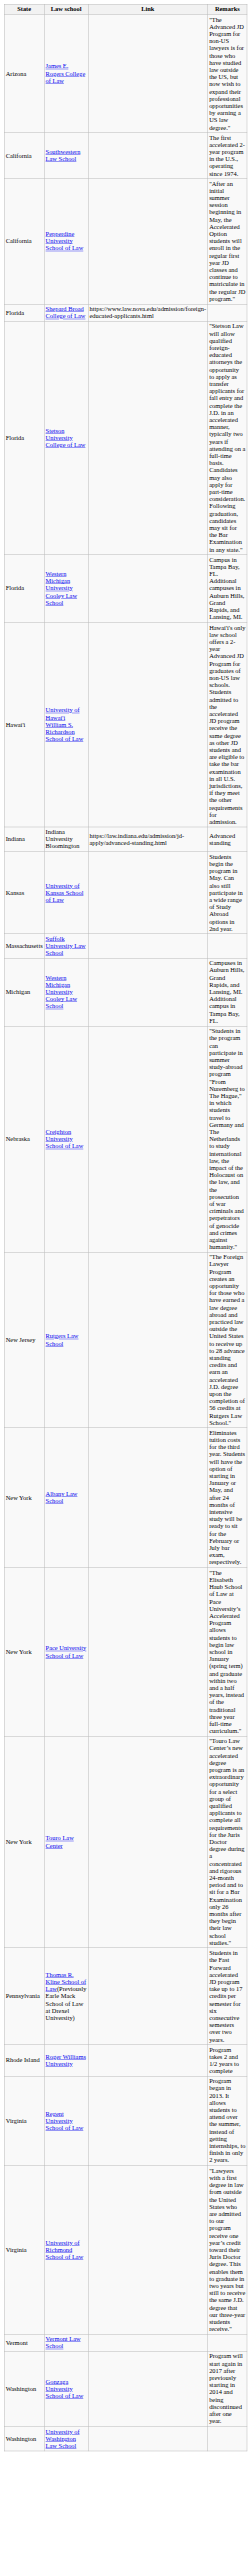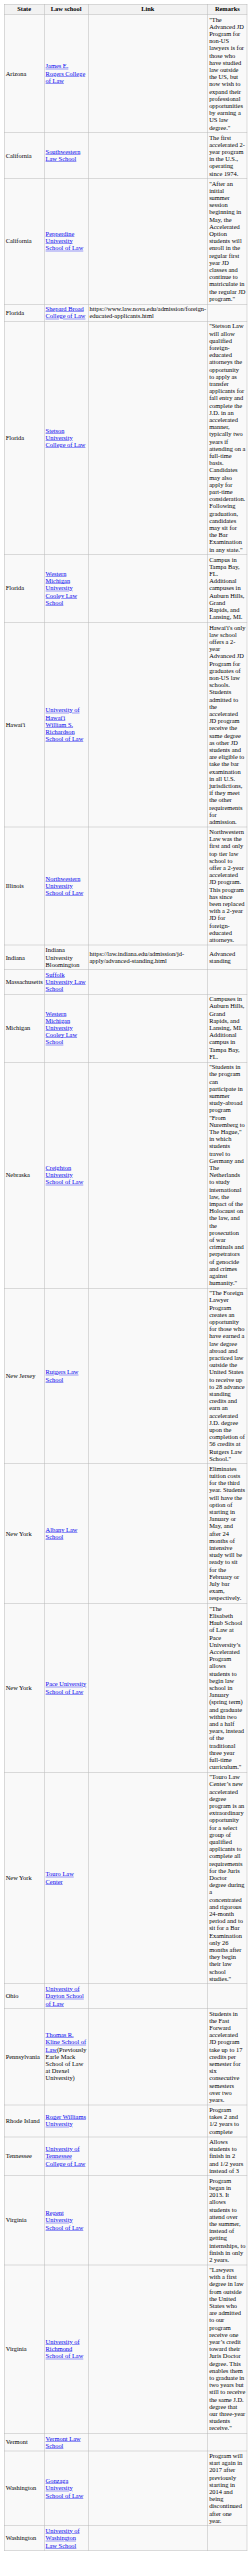 <table class="wikitable">
 <tr>
 <th>State</th>
 <th>Law school</th>
 <th>Link</th>
 <th>Remarks</th>
 </tr>
 <tr>
 <td>Arizona</td>
 <td><a href='#'>James E. Rogers College of Law</a></td>
 <td></td>
 <td>"The Advanced JD Program for non-US lawyers is for those who have studied law outside the US, but now wish to expand their professional opportunities by earning a US law degree."</td>
 </tr>
 <tr>
 <td>California</td>
 <td><a href='#'>Southwestern Law School</a></td>
 <td></td>
 <td>The first accelerated 2-year program in the U.S., operating since 1974.</td>
 </tr>
 <tr>
 <td>California</td>
 <td><a href='#'>Pepperdine University School of Law</a></td>
 <td></td>
 <td>"After an initial summer session beginning in May, the Accelerated Option students will enroll in the regular first year JD classes and continue to matriculate in the regular JD program."</td>
 </tr>
 <tr>
 <td>Florida</td>
 <td><a href='#'>Shepard Broad College of Law</a></td>
 <td>https://www.law.nova.edu/admission/foreign-educated-applicants.html</td>
 <td></td>
 </tr>
 <tr>
 <td>Florida</td>
 <td><a href='#'>Stetson University College of Law</a></td>
 <td></td>
 <td>"Stetson Law will allow qualified foreign-educated attorneys the opportunity to apply as transfer applicants for fall entry and complete the J.D. in an accelerated manner, typically two years if attending on a full-time basis. Candidates may also apply for part-time consideration. Following graduation, candidates may sit for the Bar Examination in any state."</td>
 </tr>
 <tr>
 <td>Florida</td>
 <td><a href='#'>Western Michigan University Cooley Law School</a></td>
 <td></td>
 <td>Campus in Tampa Bay, FL. Additional campuses in Auburn Hills, Grand Rapids, and Lansing, MI.</td>
 </tr>
 <tr>
 <td>Hawai'i</td>
 <td><a href='#'>University of Hawai'i William S. Richardson School of Law</a></td>
 <td></td>
 <td>Hawai'i's only law school offers a 2-year Advanced JD Program for graduates of non-US law schools. Students admitted to the accelerated JD program receive the same degree as other JD students and are eligible to take the bar examination in all U.S. jurisdictions, if they meet the other requirements for admission.</td>
 </tr>
 <tr>
+<td>Illinois</td>
+<td><a href='#'>Northwestern University School of Law</a></td>
+<td></td>
+<td>Northwestern Law was the first and only top tier law school to offer a 2-year accelerated JD program. This program has since been replaced with a 2-year JD for foreign-educated attorneys.</td>
+</tr>
+<tr>
 <td>Indiana</td>
 <td>Indiana University Bloomington</td>
 <td>https://law.indiana.edu/admission/jd-apply/advanced-standing.html</td>
 <td>Advanced standing</td>
-</tr>
-<tr>
-<td>Kansas</td>
-<td><a href='#'>University of Kansas School of Law</a></td>
-<td></td>
-<td>Students begin the program in May. Can also still participate in a wide range of Study Abroad options in 2nd year.</td>
 </tr>
 <tr>
 <td>Massachusetts</td>
 <td><a href='#'>Suffolk University Law School</a></td>
 <td></td>
 </tr>
 <tr>
 <td>Michigan</td>
 <td><a href='#'>Western Michigan University Cooley Law School</a></td>
 <td></td>
 <td>Campuses in Auburn Hills, Grand Rapids, and Lansing, MI. Additional campus in Tampa Bay, FL.</td>
 </tr>
 <tr>
 <td>Nebraska</td>
 <td><a href='#'>Creighton University School of Law</a></td>
 <td></td>
 <td>"Students in the program can participate in summer study-abroad program "From Nuremberg to The Hague," in which students travel to Germany and The Netherlands to study international law, the impact of the Holocaust on the law, and the prosecution of war criminals and perpetrators of genocide and crimes against humanity."</td>
 </tr>
 <tr>
 <td>New Jersey</td>
 <td><a href='#'>Rutgers Law School</a></td>
 <td></td>
 <td>"The Foreign Lawyer Program creates an opportunity for those who have earned a law degree abroad and practiced law outside the United States to receive up to 28 advance standing credits and earn an accelerated J.D. degree upon the completion of 56 credits at Rutgers Law School."</td>
 </tr>
 <tr>
 <td>New York</td>
 <td><a href='#'>Albany Law School</a></td>
 <td></td>
 <td>Eliminates tuition costs for the third year. Students will have the option of starting in January or May, and after 24 months of intensive study will be ready to sit for the February or July bar exam, respectively.</td>
 </tr>
 <tr>
 <td>New York</td>
 <td><a href='#'>Pace University School of Law</a></td>
 <td></td>
 <td>"The Elisabeth Haub School of Law at Pace University’s Accelerated Program allows students to begin law school in January (spring term) and graduate within two and a half years, instead of the traditional three year full-time curriculum."</td>
 </tr>
 <tr>
 <td>New York</td>
 <td><a href='#'>Touro Law Center</a></td>
 <td></td>
 <td>"Touro Law Center’s new accelerated degree program is an extraordinary opportunity for a select group of qualified applicants to complete all requirements for the Juris Doctor degree during a concentrated and rigorous 24-month period and to sit for a Bar Examination only 26 months after they begin their law school studies."</td>
 </tr>
 <tr>
+<td>Ohio</td>
+<td><a href='#'>University of Dayton School of Law</a></td>
+<td><br></td>
+<td></td>
+</tr>
+<tr>
 <td>Pennsylvania</td>
 <td><a href='#'>Thomas R. Kline School of Law</a>(Previously Earle Mack School of Law at Drexel University)</td>
 <td></td>
 <td>Students in the Fast Forward accelerated JD program take up to 17 credits per semester for six consecutive semesters over two years.</td>
 </tr>
 <tr>
 <td>Rhode Island</td>
 <td><a href='#'>Roger Williams University</a></td>
 <td></td>
 <td>Program takes 2 and 1/2 years to complete</td>
+</tr>
+<tr>
+<td>Tennessee</td>
+<td><a href='#'>University of Tennessee College of Law</a></td>
+<td></td>
+<td>Allows students to finish in 2 and 1/2 years instead of 3</td>
 </tr>
 <tr>
 <td>Virginia</td>
 <td><a href='#'>Regent University School of Law</a></td>
 <td></td>
 <td>Program began in 2013. It allows students to attend over the summer, instead of getting internships, to finish in only 2 years.</td>
 </tr>
 <tr>
 <td>Virginia</td>
 <td><a href='#'>University of Richmond School of Law</a></td>
 <td></td>
 <td>"Lawyers with a first degree in law from outside the United States who are admitted to our program receive one year’s credit toward their Juris Doctor degree. This enables them to graduate in two years but still to receive the same J.D. degree that our three-year students receive."</td>
 </tr>
 <tr>
 <td>Vermont</td>
 <td><a href='#'>Vermont Law School</a></td>
 <td></td>
 <td></td>
 </tr>
 <tr>
 <td>Washington</td>
 <td><a href='#'>Gonzaga University School of Law</a></td>
 <td></td>
 <td>Program will start again in 2017 after previously starting in 2014 and being discontinued after one year.</td>
 </tr>
 <tr>
 <td>Washington</td>
 <td><a href='#'>University of Washington Law School</a></td>
 <td></td>
 </tr>
 </table>
